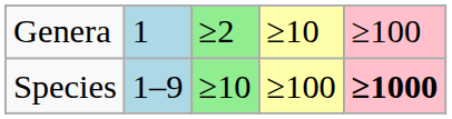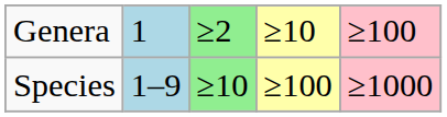 <table class="wikitable">
 <tr>
 <td>Genera</td>
 <td bgcolor="lightblue">1</td>
 <td bgcolor="lightgreen">≥2</td>
 <td bgcolor="#FFA">≥10</td>
 <td bgcolor="pink">≥100</td>
 </tr>
 <tr>
 <td>Species</td>
 <td bgcolor="lightblue">1–9</td>
 <td bgcolor="lightgreen">≥10</td>
 <td bgcolor="#FFA">≥100</td>
-<td bgcolor="pink"><strong>≥1000</strong></td>
+<td bgcolor="pink">≥1000</td>
 </tr>
 </table>
